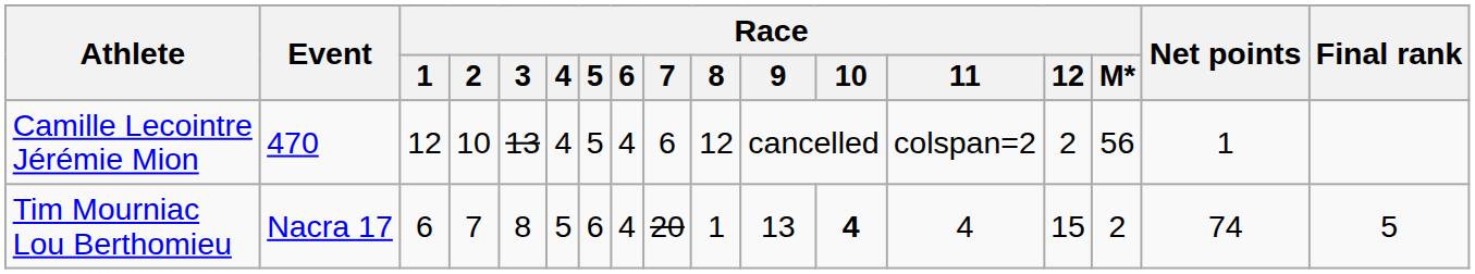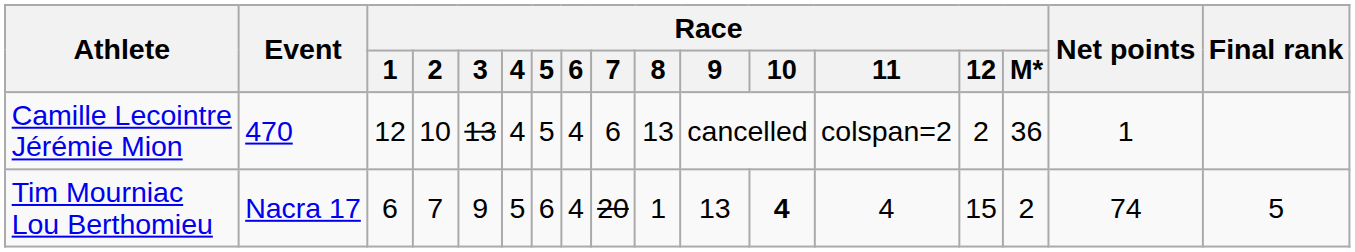 <table class="wikitable" style="font-size:90%">
 <tr>
 <th rowspan="2">Athlete</th>
 <th rowspan="2">Event</th>
 <th colspan=13>Race</th>
 <th rowspan=2>Net points</th>
 <th rowspan=2>Final rank</th>
 </tr>
 <tr style="font-size:95%">
 <th>1</th>
 <th>2</th>
 <th>3</th>
 <th>4</th>
 <th>5</th>
 <th>6</th>
 <th>7</th>
 <th>8</th>
 <th>9</th>
 <th>10</th>
 <th>11</th>
 <th>12</th>
 <th>M*</th>
 </tr>
 <tr align=center>
 <td align=left><a href='#'>Camille Lecointre</a><br><a href='#'>Jérémie Mion</a></td>
 <td align=left><a href='#'>470</a></td>
 <td>12</td>
 <td>10</td>
 <td><s>13</s></td>
 <td>4</td>
 <td>5</td>
 <td>4</td>
 <td>6</td>
-<td>12</td>
+<td>13</td>
 <td colspan="2">cancelled</td>
 <td>colspan=2 </td>
 <td>2</td>
-<td>56</td>
+<td>36</td>
 <td>1</td>
 </tr>
 <tr align=center>
 <td align=left><a href='#'>Tim Mourniac</a><br><a href='#'>Lou Berthomieu</a></td>
 <td align=left><a href='#'>Nacra 17</a></td>
 <td>6</td>
 <td>7</td>
-<td>8</td>
+<td>9</td>
 <td>5</td>
 <td>6</td>
 <td>4</td>
 <td><s>20</s><br></td>
 <td>1</td>
 <td>13</td>
 <td><strong>4</strong></td>
 <td>4</td>
 <td>15</td>
 <td>2</td>
 <td>74</td>
 <td>5</td>
 </tr>
 </table>
